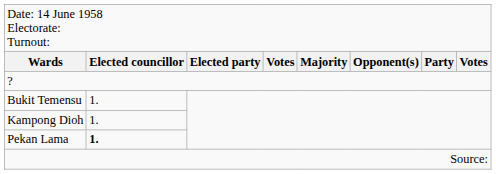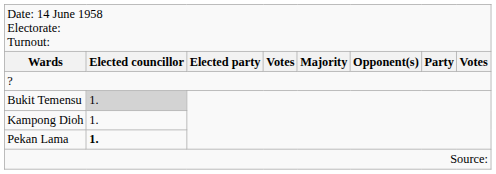 <table class=wikitable>
 <tr>
 <td colspan=8>Date: 14 June 1958<br>Electorate: <br>Turnout:</td>
 </tr>
 <tr>
 <th>Wards</th>
 <th>Elected councillor</th>
 <th>Elected party</th>
 <th>Votes</th>
 <th>Majority</th>
 <th>Opponent(s)</th>
 <th>Party</th>
 <th>Votes</th>
 </tr>
 <tr>
 <td colspan=8>? </td>
 </tr>
 <tr>
 <td>Bukit Temensu</td>
-<td>1.</td>
+<td style="background: lightgrey;">1.</td>
 </tr>
 <tr>
 <td>Kampong Dioh</td>
 <td>1.</td>
 </tr>
 <tr>
 <td>Pekan Lama</td>
 <td><strong>1.</strong></td>
 </tr>
 <tr>
 <td colspan="8" style="text-align:right;">Source: </td>
 </tr>
 </table>
